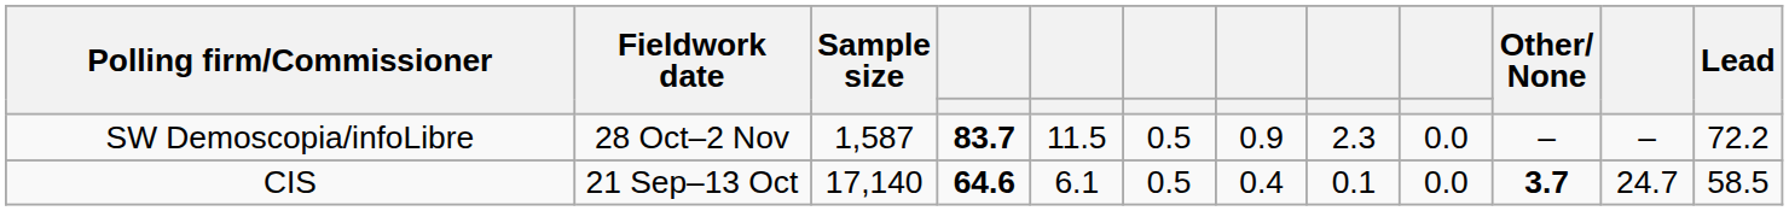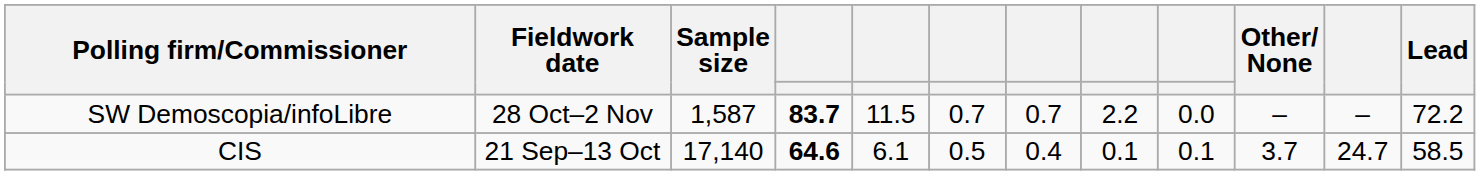 <table class="wikitable collapsible collapsed" style="text-align:center; font-size:90%; line-height:14px;">
 <tr style="height:42px;">
 <th style="width:250px;" rowspan="2">Polling firm/Commissioner</th>
 <th style="width:100px;" rowspan="2">Fieldwork date</th>
 <th style="width:50px;" rowspan="2">Sample size</th>
 <th style="width:35px;"></th>
 <th style="width:35px;"></th>
 <th style="width:35px;"></th>
 <th style="width:35px;"></th>
 <th style="width:35px;"></th>
 <th style="width:35px;"></th>
 <th style="width:35px;" rowspan="2">Other/<br>None</th>
 <th style="width:35px;" rowspan="2"></th>
 <th style="width:30px;" rowspan="2">Lead</th>
 </tr>
 <tr>
 <th style="color:inherit;background:"></th>
 <th style="color:inherit;background:"></th>
 <th style="color:inherit;background:"></th>
 <th style="color:inherit;background:"></th>
 <th style="color:inherit;background:"></th>
 <th style="color:inherit;background:"></th>
 </tr>
 <tr>
 <td>SW Demoscopia/infoLibre</td>
 <td>28 Oct–2 Nov</td>
 <td>1,587</td>
 <td><strong>83.7</strong></td>
 <td>11.5</td>
-<td>0.5</td>
-<td>0.9</td>
-<td>2.3</td>
+<td>0.7</td>
+<td>0.7</td>
+<td>2.2</td>
 <td>0.0</td>
 <td>–</td>
 <td>–</td>
 <td style="background:">72.2</td>
 </tr>
 <tr>
 <td>CIS</td>
 <td>21 Sep–13 Oct</td>
 <td>17,140</td>
 <td><strong>64.6</strong></td>
 <td>6.1</td>
 <td>0.5</td>
 <td>0.4</td>
 <td>0.1</td>
-<td>0.0</td>
-<td><strong>3.7</strong></td>
+<td>0.1</td>
+<td>3.7</td>
 <td>24.7</td>
 <td style="background:">58.5</td>
 </tr>
 </table>
